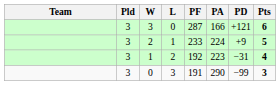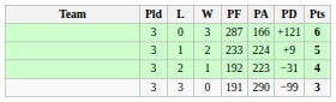 <table class=wikitable style="text-align:center">
 <tr>
 <th width=180>Team</th>
 <th width=30>Pld</th>
+<th width=30>L</th>
 <th width=30>W</th>
-<th width=30>L</th>
 <th width=30>PF</th>
 <th width=30>PA</th>
 <th width=30>PD</th>
 <th width=30>Pts</th>
 </tr>
 <tr align=center bgcolor="#ccffcc">
 <td align=left></td>
 <td>3</td>
+<td>0</td>
 <td>3</td>
-<td>0</td>
 <td>287</td>
 <td>166</td>
 <td>+121</td>
 <td><strong>6</strong></td>
 </tr>
 <tr align=center bgcolor="#ccffcc">
 <td align=left></td>
 <td>3</td>
+<td>1</td>
 <td>2</td>
-<td>1</td>
 <td>233</td>
 <td>224</td>
 <td>+9</td>
 <td><strong>5</strong></td>
 </tr>
 <tr align=center bgcolor="#ccffcc">
 <td align=left></td>
 <td>3</td>
+<td>2</td>
 <td>1</td>
-<td>2</td>
 <td>192</td>
 <td>223</td>
 <td>−31</td>
 <td><strong>4</strong></td>
 </tr>
 <tr align=center>
 <td align=left></td>
 <td>3</td>
+<td>3</td>
 <td>0</td>
-<td>3</td>
 <td>191</td>
 <td>290</td>
 <td>−99</td>
 <td><strong>3</strong></td>
 </tr>
 </table>
